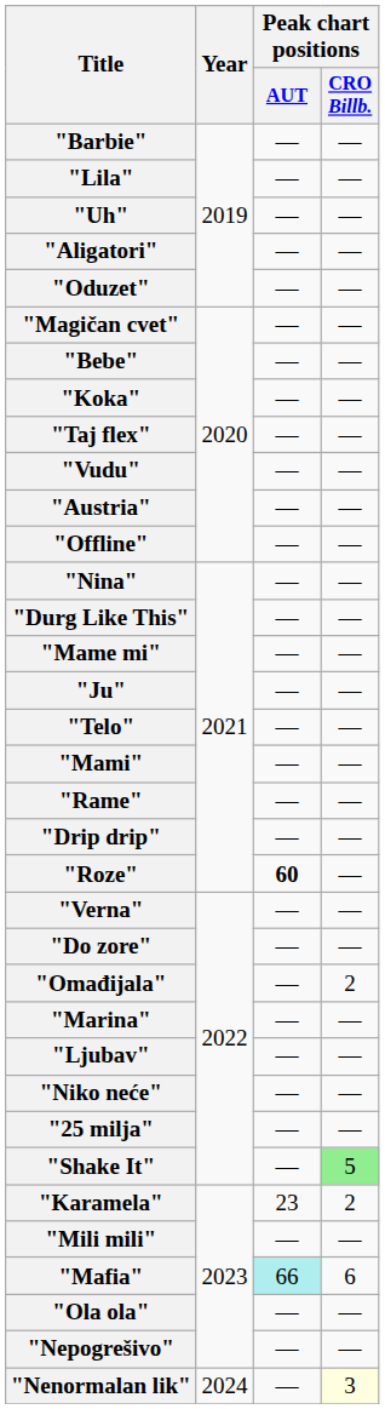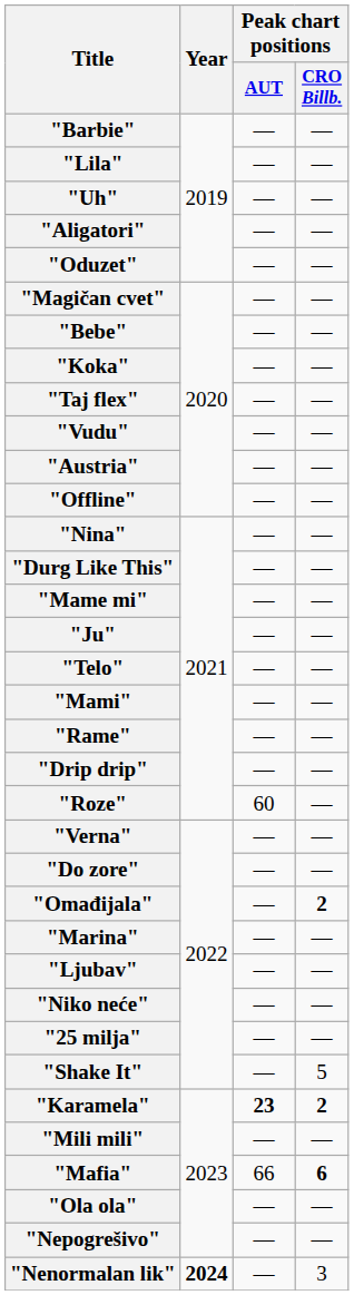 <table class="wikitable plainrowheaders" style="text-align:center;">
 <tr>
 <th rowspan="2">Title</th>
 <th rowspan="2">Year</th>
 <th scope="col" colspan="2">Peak chart positions</th>
 </tr>
 <tr>
 <th scope="col" style="width:3em; font-size:85%;"><a href='#'>AUT</a><br></th>
 <th style="width:2.5em; font-size:85%"><a href='#'>CRO<br><em>Billb.</em></a><br></th>
 </tr>
 <tr>
 <th scope="row">"Barbie"</th>
 <td rowspan="5">2019</td>
 <td>—</td>
 <td>—</td>
 </tr>
 <tr>
 <th scope="row">"Lila"</th>
 <td>—</td>
 <td>—</td>
 </tr>
 <tr>
 <th scope="row">"Uh"</th>
 <td>—</td>
 <td>—</td>
 </tr>
 <tr>
 <th scope="row">"Aligatori"</th>
 <td>—</td>
 <td>—</td>
 </tr>
 <tr>
 <th scope="row">"Oduzet"</th>
 <td>—</td>
 <td>—</td>
 </tr>
 <tr>
 <th scope="row">"Magičan cvet"</th>
 <td rowspan="7">2020</td>
 <td>—</td>
 <td>—</td>
 </tr>
 <tr>
 <th scope="row">"Bebe"</th>
 <td>—</td>
 <td>—</td>
 </tr>
 <tr>
 <th scope="row">"Koka"</th>
 <td>—</td>
 <td>—</td>
 </tr>
 <tr>
 <th scope="row">"Taj flex"</th>
 <td>—</td>
 <td>—</td>
 </tr>
 <tr>
 <th scope="row">"Vudu"<br></th>
 <td>—</td>
 <td>—</td>
 </tr>
 <tr>
 <th scope="row">"Austria"<br></th>
 <td>—</td>
 <td>—</td>
 </tr>
 <tr>
 <th scope="row">"Offline"<br></th>
 <td>—</td>
 <td>—</td>
 </tr>
 <tr>
 <th scope="row">"Nina"</th>
 <td rowspan="9">2021</td>
 <td>—</td>
 <td>—</td>
 </tr>
 <tr>
 <th scope="row">"Durg Like This"<br></th>
 <td>—</td>
 <td>—</td>
 </tr>
 <tr>
 <th scope="row">"Mame mi"</th>
 <td>—</td>
 <td>—</td>
 </tr>
 <tr>
 <th scope="row">"Ju"</th>
 <td>—</td>
 <td>—</td>
 </tr>
 <tr>
 <th scope="row">"Telo"</th>
 <td>—</td>
 <td>—</td>
 </tr>
 <tr>
 <th scope="row">"Mami"</th>
 <td>—</td>
 <td>—</td>
 </tr>
 <tr>
 <th scope="row">"Rame"<br></th>
 <td>—</td>
 <td>—</td>
 </tr>
 <tr>
 <th scope="row">"Drip drip"<br></th>
 <td>—</td>
 <td>—</td>
 </tr>
 <tr>
 <th scope="row">"Roze"<br></th>
-<td><strong>60</strong></td>
+<td>60</td>
 <td>—</td>
 </tr>
 <tr>
 <th scope="row">"Verna"</th>
 <td rowspan="8">2022</td>
 <td>—</td>
 <td>—</td>
 </tr>
 <tr>
 <th scope="row">"Do zore"<br></th>
 <td>—</td>
 <td>—</td>
 </tr>
 <tr>
 <th scope="row">"Omađijala"<br></th>
 <td>—</td>
-<td>2</td>
+<td><strong>2</strong></td>
 </tr>
 <tr>
 <th scope="row">"Marina"</th>
 <td>—</td>
 <td>—</td>
 </tr>
 <tr>
 <th scope="row">"Ljubav"<br></th>
 <td>—</td>
 <td>—</td>
 </tr>
 <tr>
 <th scope="row">"Niko neće"<br></th>
 <td>—</td>
 <td>—</td>
 </tr>
 <tr>
 <th scope="row">"25 milja"<br></th>
 <td>—</td>
 <td>—</td>
 </tr>
 <tr>
 <th scope="row">"Shake It"<br></th>
 <td>—</td>
-<td style="background: lightgreen;">5</td>
+<td>5</td>
 </tr>
 <tr>
 <th scope="row">"Karamela"<br></th>
 <td rowspan="5">2023</td>
-<td>23</td>
-<td>2</td>
+<td><strong>23</strong></td>
+<td><strong>2</strong></td>
 </tr>
 <tr>
 <th scope="row">"Mili mili"</th>
 <td>—</td>
 <td>—</td>
 </tr>
 <tr>
 <th scope="row">"Mafia"<br></th>
-<td style="background: paleturquoise;">66</td>
-<td>6</td>
+<td>66</td>
+<td><strong>6</strong></td>
 </tr>
 <tr>
 <th scope="row">"Ola ola"<br></th>
 <td>—</td>
 <td>—</td>
 </tr>
 <tr>
 <th scope="row">"Nepogrešivo"<br></th>
 <td>—</td>
 <td>—</td>
 </tr>
 <tr>
 <th scope="row">"Nenormalan lik"<br></th>
-<td>2024</td>
+<td><strong>2024</strong></td>
 <td>—</td>
-<td style="background: lightyellow;">3</td>
+<td>3</td>
 </tr>
 </table>
